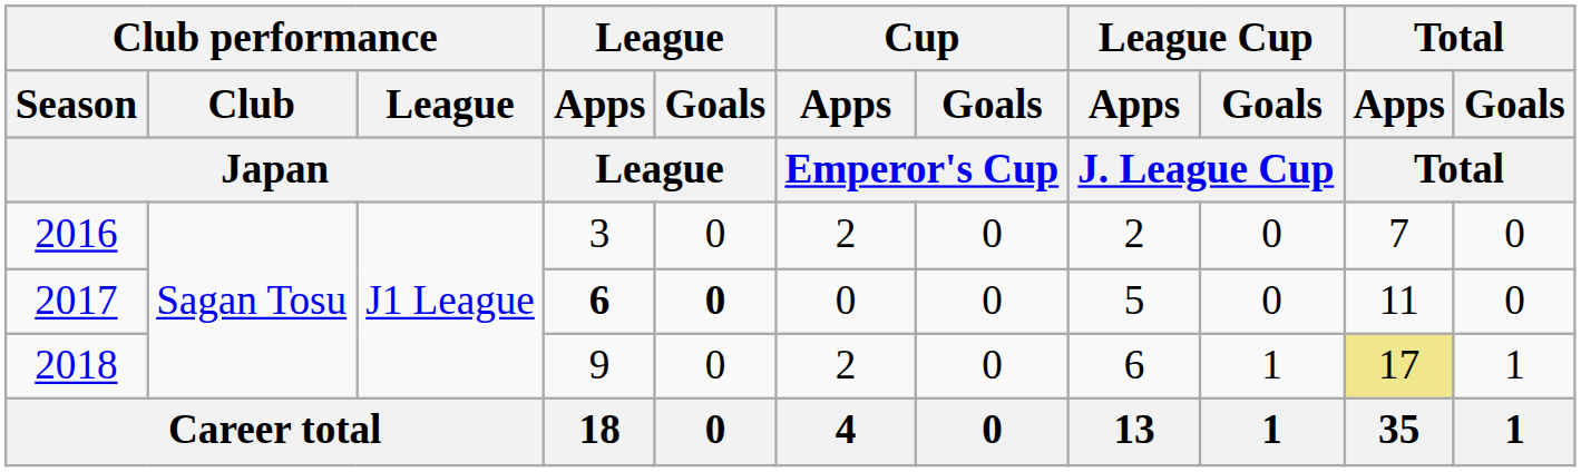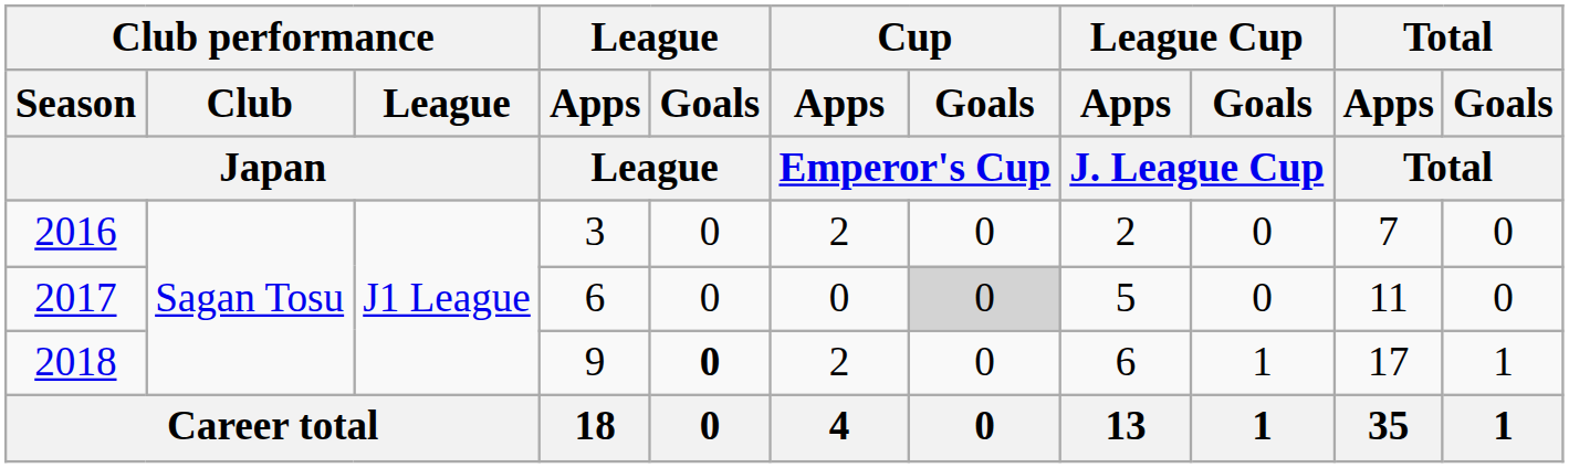 <table class="wikitable" style="text-align:center">
 <tr>
 <th colspan=3>Club performance</th>
 <th colspan=2>League</th>
 <th colspan=2>Cup</th>
 <th colspan=2>League Cup</th>
 <th colspan=2>Total</th>
 </tr>
 <tr>
 <th>Season</th>
 <th>Club</th>
 <th>League</th>
 <th>Apps</th>
 <th>Goals</th>
 <th>Apps</th>
 <th>Goals</th>
 <th>Apps</th>
 <th>Goals</th>
 <th>Apps</th>
 <th>Goals</th>
 </tr>
 <tr>
 <th colspan=3>Japan</th>
 <th colspan=2>League</th>
 <th colspan=2><a href='#'>Emperor's Cup</a></th>
 <th colspan=2><a href='#'>J. League Cup</a></th>
 <th colspan=2>Total</th>
 </tr>
 <tr>
 <td><a href='#'>2016</a></td>
 <td rowspan="3"><a href='#'>Sagan Tosu</a></td>
 <td rowspan="3"><a href='#'>J1 League</a></td>
 <td>3</td>
 <td>0</td>
 <td>2</td>
 <td>0</td>
 <td>2</td>
 <td>0</td>
 <td>7</td>
 <td>0</td>
 </tr>
 <tr>
 <td><a href='#'>2017</a></td>
-<td><strong>6</strong></td>
-<td><strong>0</strong></td>
+<td>6</td>
 <td>0</td>
 <td>0</td>
+<td style="background: lightgrey;">0</td>
 <td>5</td>
 <td>0</td>
 <td>11</td>
 <td>0</td>
 </tr>
 <tr>
 <td><a href='#'>2018</a></td>
 <td>9</td>
-<td>0</td>
+<td><strong>0</strong></td>
 <td>2</td>
 <td>0</td>
 <td>6</td>
 <td>1</td>
-<td style="background: khaki;">17</td>
+<td>17</td>
 <td>1</td>
 </tr>
 <tr>
 <th colspan=3>Career total</th>
 <th>18</th>
 <th>0</th>
 <th>4</th>
 <th>0</th>
 <th>13</th>
 <th>1</th>
 <th>35</th>
 <th>1</th>
 </tr>
 </table>
